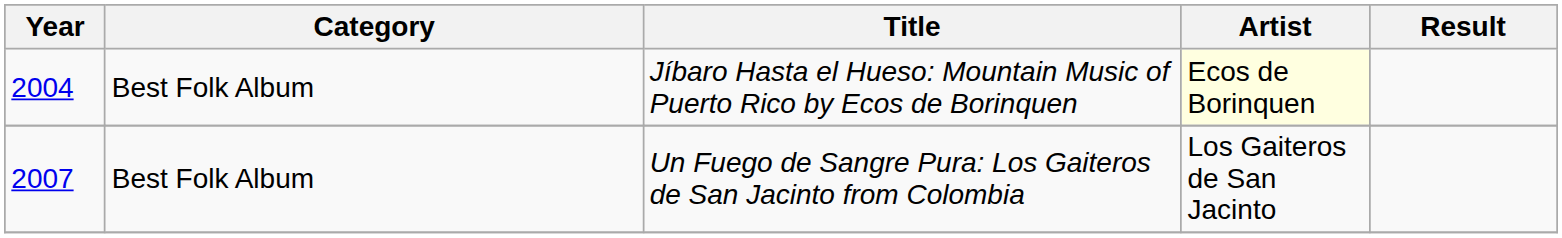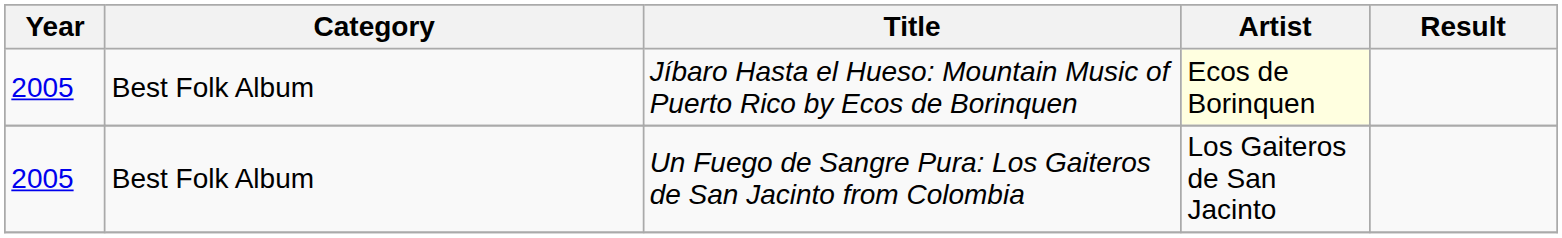 <table class=wikitable>
 <tr>
 <th style="width:50px;">Year</th>
 <th style="width:300px;">Category</th>
 <th style="width:300px;">Title</th>
 <th style="width:100px;">Artist</th>
 <th style="width:100px;">Result</th>
 </tr>
 <tr>
-<td><a href='#'>2004</a></td>
+<td><a href='#'>2005</a></td>
 <td>Best Folk Album</td>
 <td><em>Jíbaro Hasta el Hueso: Mountain Music of Puerto Rico by Ecos de Borinquen</em></td>
 <td style="background: lightyellow;">Ecos de Borinquen</td>
 <td></td>
 </tr>
 <tr>
 </tr>
 <tr>
-<td><a href='#'>2007</a></td>
+<td><a href='#'>2005</a></td>
 <td>Best Folk Album</td>
 <td><em>Un Fuego de Sangre Pura: Los Gaiteros de San Jacinto from Colombia</em></td>
 <td>Los Gaiteros de San Jacinto</td>
 <td></td>
 </tr>
 <tr>
 </tr>
 </table>
